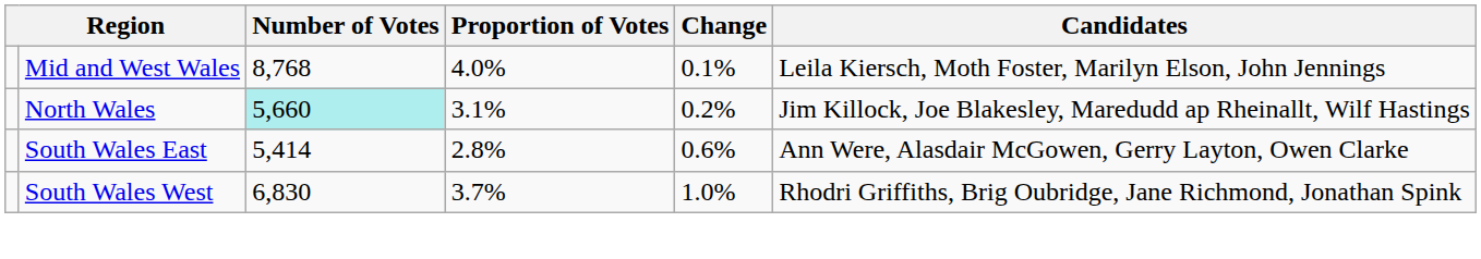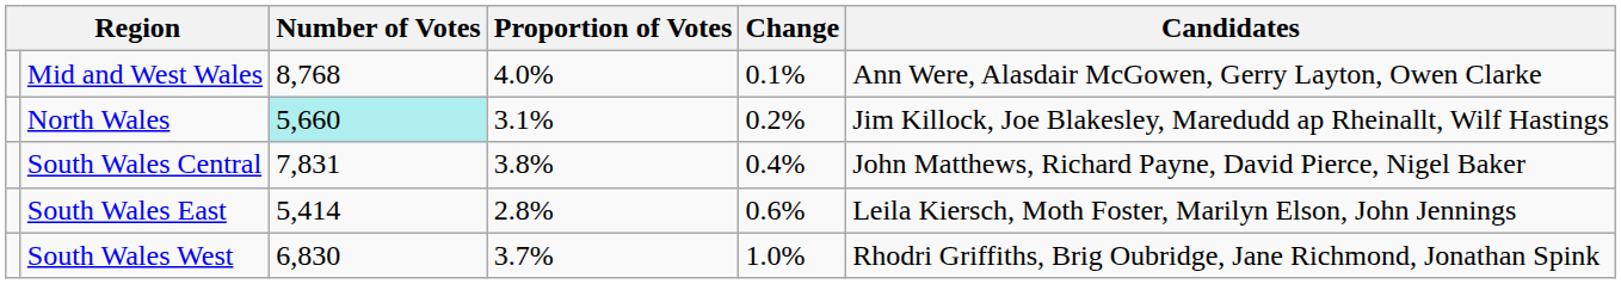 <table class="wikitable">
 <tr>
 <th colspan="2">Region</th>
 <th>Number of Votes</th>
 <th>Proportion of Votes</th>
 <th>Change</th>
 <th>Candidates</th>
 </tr>
 <tr>
 <td width="1" style="color:inherit;background:"></td>
 <td><a href='#'>Mid and West Wales</a></td>
 <td>8,768</td>
 <td>4.0%</td>
 <td> 0.1%</td>
-<td>Leila Kiersch, Moth Foster, Marilyn Elson, John Jennings</td>
+<td>Ann Were, Alasdair McGowen, Gerry Layton, Owen Clarke</td>
 </tr>
 <tr>
 <td style="color:inherit;background:"></td>
 <td><a href='#'>North Wales</a></td>
 <td style="background: paleturquoise;">5,660</td>
 <td>3.1%</td>
 <td> 0.2%</td>
 <td>Jim Killock, Joe Blakesley, Maredudd ap Rheinallt, Wilf Hastings</td>
 </tr>
 <tr>
 <td style="color:inherit;background:"></td>
+<td><a href='#'>South Wales Central</a></td>
+<td>7,831</td>
+<td>3.8%</td>
+<td> 0.4%</td>
+<td>John Matthews, Richard Payne, David Pierce, Nigel Baker</td>
+</tr>
+<tr>
+<td style="color:inherit;background:"></td>
 <td><a href='#'>South Wales East</a></td>
 <td>5,414</td>
 <td>2.8%</td>
 <td> 0.6%</td>
-<td>Ann Were, Alasdair McGowen, Gerry Layton, Owen Clarke</td>
+<td>Leila Kiersch, Moth Foster, Marilyn Elson, John Jennings</td>
 </tr>
 <tr>
 <td style="color:inherit;background:"></td>
 <td><a href='#'>South Wales West</a></td>
 <td>6,830</td>
 <td>3.7%</td>
 <td> 1.0%</td>
 <td>Rhodri Griffiths, Brig Oubridge, Jane Richmond, Jonathan Spink</td>
 </tr>
 </table>
